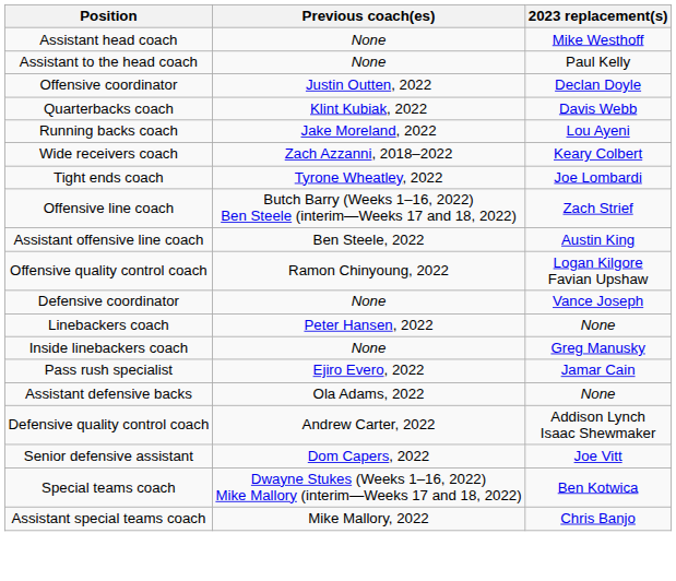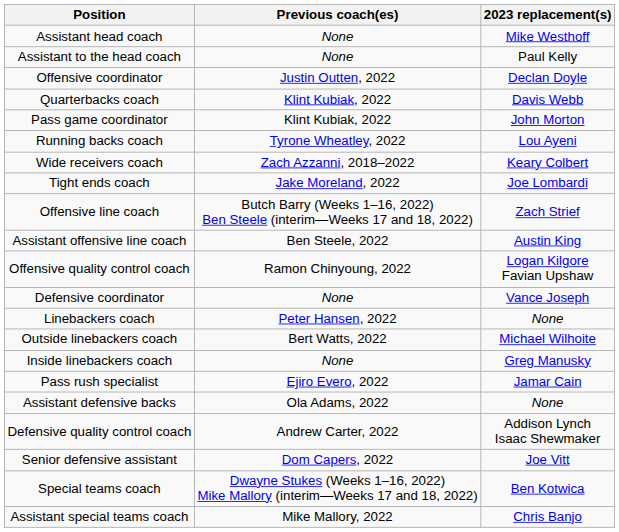 <table class="wikitable" style="text-align:center">
 <tr>
 <th>Position</th>
 <th>Previous coach(es)</th>
 <th>2023 replacement(s)</th>
 </tr>
 <tr>
 <td>Assistant head coach</td>
 <td><em>None</em></td>
 <td><a href='#'>Mike Westhoff</a></td>
 </tr>
 <tr>
 <td>Assistant to the head coach</td>
 <td><em>None</em></td>
 <td>Paul Kelly</td>
 </tr>
 <tr>
 <td>Offensive coordinator</td>
 <td><a href='#'>Justin Outten</a>, 2022</td>
 <td><a href='#'>Declan Doyle</a></td>
 </tr>
 <tr>
 <td>Quarterbacks coach</td>
 <td><a href='#'>Klint Kubiak</a>, 2022</td>
 <td><a href='#'>Davis Webb</a></td>
 </tr>
 <tr>
+<td>Pass game coordinator</td>
+<td>Klint Kubiak, 2022</td>
+<td><a href='#'>John Morton</a></td>
+</tr>
+<tr>
 <td>Running backs coach</td>
-<td><a href='#'>Jake Moreland</a>, 2022</td>
+<td><a href='#'>Tyrone Wheatley</a>, 2022</td>
 <td><a href='#'>Lou Ayeni</a></td>
 </tr>
 <tr>
 <td>Wide receivers coach</td>
 <td><a href='#'>Zach Azzanni</a>, 2018–2022</td>
 <td><a href='#'>Keary Colbert</a></td>
 </tr>
 <tr>
 <td>Tight ends coach</td>
-<td><a href='#'>Tyrone Wheatley</a>, 2022</td>
+<td><a href='#'>Jake Moreland</a>, 2022</td>
 <td><a href='#'>Joe Lombardi</a></td>
 </tr>
 <tr>
 <td>Offensive line coach</td>
 <td>Butch Barry (Weeks 1–16, 2022)<br><a href='#'>Ben Steele</a> (interim—Weeks 17 and 18, 2022)</td>
 <td><a href='#'>Zach Strief</a></td>
 </tr>
 <tr>
 <td>Assistant offensive line coach</td>
 <td>Ben Steele, 2022</td>
 <td><a href='#'>Austin King</a></td>
 </tr>
 <tr>
 <td>Offensive quality control coach</td>
 <td>Ramon Chinyoung, 2022</td>
 <td><a href='#'>Logan Kilgore</a><br>Favian Upshaw</td>
 </tr>
 <tr>
 <td>Defensive coordinator</td>
 <td><em>None</em></td>
 <td><a href='#'>Vance Joseph</a></td>
 </tr>
 <tr>
 <td>Linebackers coach</td>
 <td><a href='#'>Peter Hansen</a>, 2022</td>
 <td><em>None</em></td>
+</tr>
+<tr>
+<td>Outside linebackers coach</td>
+<td>Bert Watts, 2022</td>
+<td><a href='#'>Michael Wilhoite</a></td>
 </tr>
 <tr>
 <td>Inside linebackers coach</td>
 <td><em>None</em></td>
 <td><a href='#'>Greg Manusky</a></td>
 </tr>
 <tr>
 <td>Pass rush specialist</td>
 <td><a href='#'>Ejiro Evero</a>, 2022</td>
 <td><a href='#'>Jamar Cain</a></td>
 </tr>
 <tr>
 <td>Assistant defensive backs</td>
 <td>Ola Adams, 2022</td>
 <td><em>None</em></td>
 </tr>
 <tr>
 <td>Defensive quality control coach</td>
 <td>Andrew Carter, 2022</td>
 <td>Addison Lynch<br>Isaac Shewmaker</td>
 </tr>
 <tr>
 <td>Senior defensive assistant</td>
 <td><a href='#'>Dom Capers</a>, 2022</td>
 <td><a href='#'>Joe Vitt</a></td>
 </tr>
 <tr>
 <td>Special teams coach</td>
 <td><a href='#'>Dwayne Stukes</a> (Weeks 1–16, 2022)<br><a href='#'>Mike Mallory</a> (interim—Weeks 17 and 18, 2022)</td>
 <td><a href='#'>Ben Kotwica</a></td>
 </tr>
 <tr>
 <td>Assistant special teams coach</td>
 <td>Mike Mallory, 2022</td>
 <td><a href='#'>Chris Banjo</a></td>
 </tr>
 </table>
